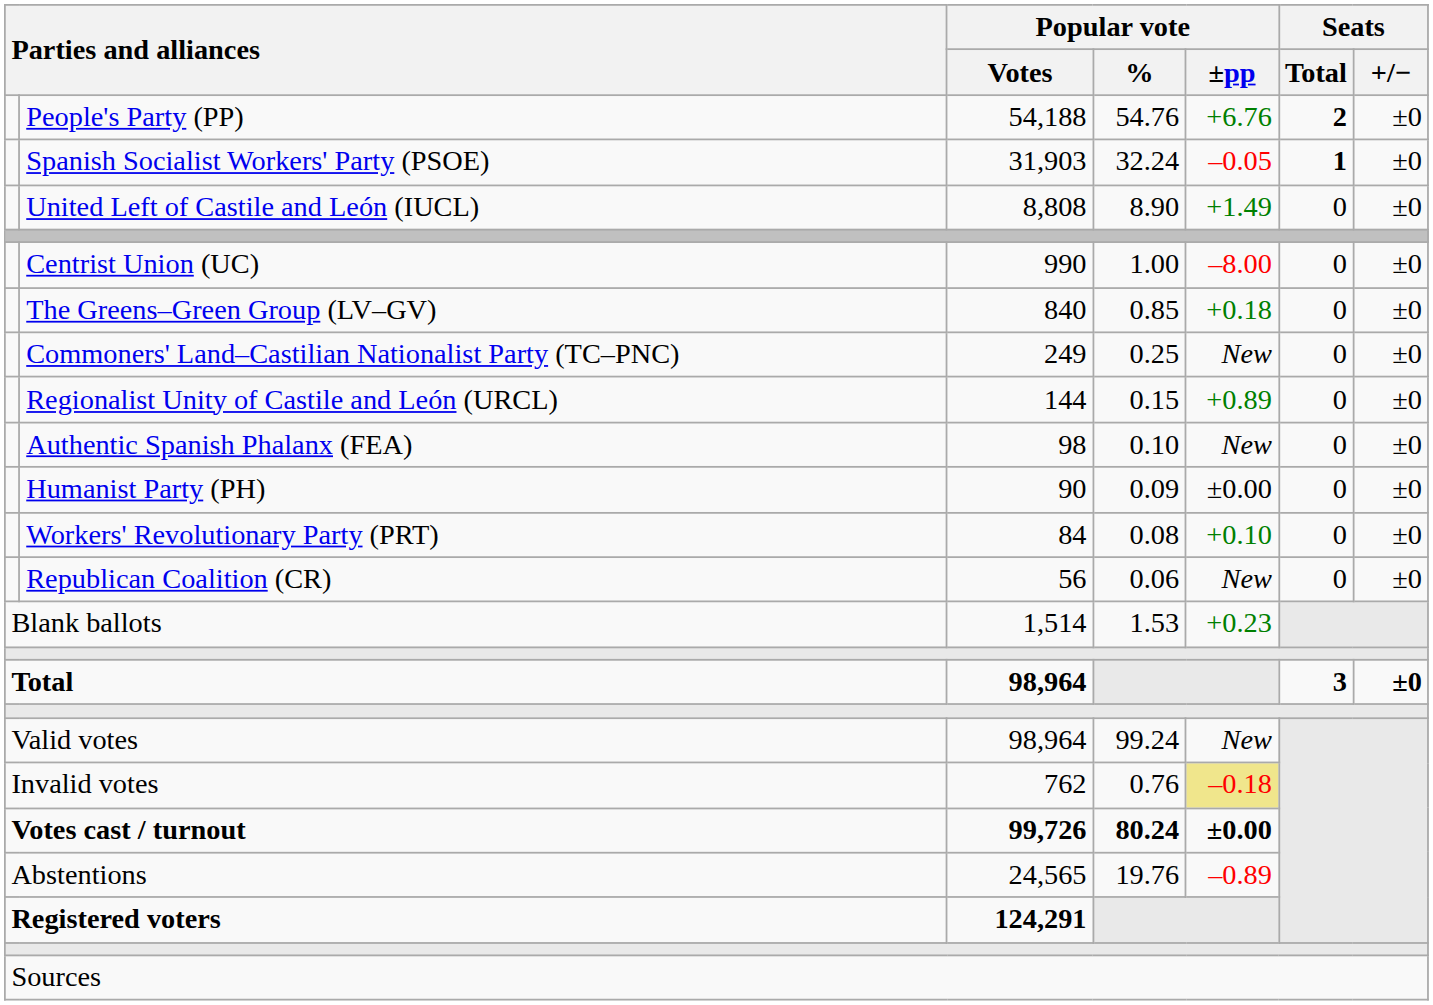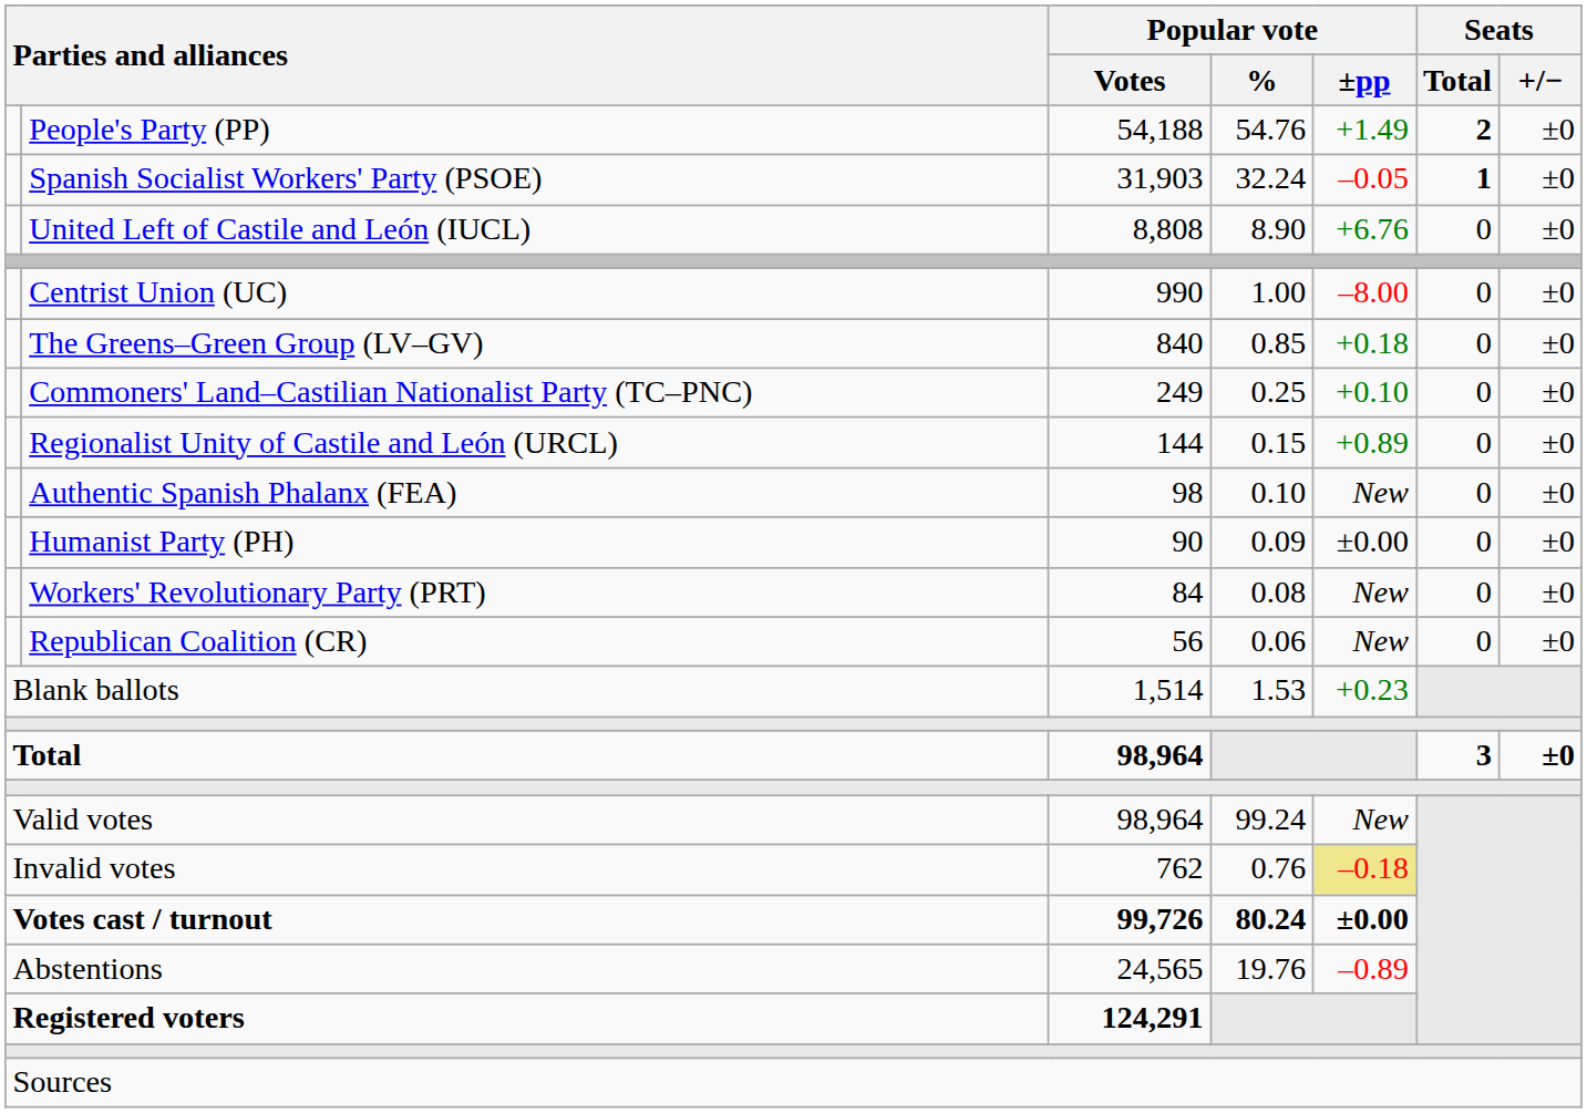 <table class="wikitable" style="text-align:right;">
 <tr>
 <th style="text-align:left;" rowspan="2" colspan="2" width="525">Parties and alliances</th>
 <th colspan="3">Popular vote</th>
 <th colspan="2">Seats</th>
 </tr>
 <tr>
 <th width="75">Votes</th>
 <th width="45">%</th>
 <th width="45">±<a href='#'>pp</a></th>
 <th width="35">Total</th>
 <th width="35">+/−</th>
 </tr>
 <tr>
 <td width="1" style="color:inherit;background:"></td>
 <td align="left"><a href='#'>People's Party</a> (PP)</td>
 <td>54,188</td>
 <td>54.76</td>
-<td style="color:green;">+6.76</td>
+<td style="color:green;">+1.49</td>
 <td><strong>2</strong></td>
 <td>±0</td>
 </tr>
 <tr>
 <td style="color:inherit;background:"></td>
 <td align="left"><a href='#'>Spanish Socialist Workers' Party</a> (PSOE)</td>
 <td>31,903</td>
 <td>32.24</td>
 <td style="color:red;">–0.05</td>
 <td><strong>1</strong></td>
 <td>±0</td>
 </tr>
 <tr>
 <td style="color:inherit;background:"></td>
 <td align="left"><a href='#'>United Left of Castile and León</a> (IUCL)</td>
 <td>8,808</td>
 <td>8.90</td>
-<td style="color:green;">+1.49</td>
+<td style="color:green;">+6.76</td>
 <td>0</td>
 <td>±0</td>
 </tr>
 <tr>
 <td colspan="7" bgcolor="#C0C0C0"></td>
 </tr>
 <tr>
 <td style="color:inherit;background:"></td>
 <td align="left"><a href='#'>Centrist Union</a> (UC)</td>
 <td>990</td>
 <td>1.00</td>
 <td style="color:red;">–8.00</td>
 <td>0</td>
 <td>±0</td>
 </tr>
 <tr>
 <td style="color:inherit;background:"></td>
 <td align="left"><a href='#'>The Greens–Green Group</a> (LV–GV)</td>
 <td>840</td>
 <td>0.85</td>
 <td style="color:green;">+0.18</td>
 <td>0</td>
 <td>±0</td>
 </tr>
 <tr>
 <td style="color:inherit;background:"></td>
 <td align="left"><a href='#'>Commoners' Land–Castilian Nationalist Party</a> (TC–PNC)</td>
 <td>249</td>
 <td>0.25</td>
-<td><em>New</em></td>
+<td style="color:green;">+0.10</td>
 <td>0</td>
 <td>±0</td>
 </tr>
 <tr>
 <td style="color:inherit;background:"></td>
 <td align="left"><a href='#'>Regionalist Unity of Castile and León</a> (URCL)</td>
 <td>144</td>
 <td>0.15</td>
 <td style="color:green;">+0.89</td>
 <td>0</td>
 <td>±0</td>
 </tr>
 <tr>
 <td style="color:inherit;background:"></td>
 <td align="left"><a href='#'>Authentic Spanish Phalanx</a> (FEA)</td>
 <td>98</td>
 <td>0.10</td>
 <td><em>New</em></td>
 <td>0</td>
 <td>±0</td>
 </tr>
 <tr>
 <td style="color:inherit;background:"></td>
 <td align="left"><a href='#'>Humanist Party</a> (PH)</td>
 <td>90</td>
 <td>0.09</td>
 <td>±0.00</td>
 <td>0</td>
 <td>±0</td>
 </tr>
 <tr>
 <td style="color:inherit;background:"></td>
 <td align="left"><a href='#'>Workers' Revolutionary Party</a> (PRT)</td>
 <td>84</td>
 <td>0.08</td>
-<td style="color:green;">+0.10</td>
+<td><em>New</em></td>
 <td>0</td>
 <td>±0</td>
 </tr>
 <tr>
 <td style="color:inherit;background:"></td>
 <td align="left"><a href='#'>Republican Coalition</a> (CR)</td>
 <td>56</td>
 <td>0.06</td>
 <td><em>New</em></td>
 <td>0</td>
 <td>±0</td>
 </tr>
 <tr>
 <td align="left" colspan="2">Blank ballots</td>
 <td>1,514</td>
 <td>1.53</td>
 <td style="color:green;">+0.23</td>
 <td bgcolor="#E9E9E9" colspan="2"></td>
 </tr>
 <tr>
 <td colspan="7" bgcolor="#E9E9E9"></td>
 </tr>
 <tr style="font-weight:bold;">
 <td align="left" colspan="2">Total</td>
 <td>98,964</td>
 <td bgcolor="#E9E9E9" colspan="2"></td>
 <td>3</td>
 <td>±0</td>
 </tr>
 <tr>
 <td colspan="7" bgcolor="#E9E9E9"></td>
 </tr>
 <tr>
 <td align="left" colspan="2">Valid votes</td>
 <td>98,964</td>
 <td>99.24</td>
 <td><em>New</em></td>
 <td bgcolor="#E9E9E9" colspan="2" rowspan="5"></td>
 </tr>
 <tr>
 <td align="left" colspan="2">Invalid votes</td>
 <td>762</td>
 <td>0.76</td>
 <td style="background: khaki; color:red;">–0.18</td>
 </tr>
 <tr style="font-weight:bold;">
 <td align="left" colspan="2">Votes cast / turnout</td>
 <td>99,726</td>
 <td>80.24</td>
 <td>±0.00</td>
 </tr>
 <tr>
 <td align="left" colspan="2">Abstentions</td>
 <td>24,565</td>
 <td>19.76</td>
 <td style="color:red;">–0.89</td>
 </tr>
 <tr style="font-weight:bold;">
 <td align="left" colspan="2">Registered voters</td>
 <td>124,291</td>
 <td bgcolor="#E9E9E9" colspan="2"></td>
 </tr>
 <tr>
 <td colspan="7" bgcolor="#E9E9E9"></td>
 </tr>
 <tr>
 <td align="left" colspan="7">Sources</td>
 </tr>
 </table>
